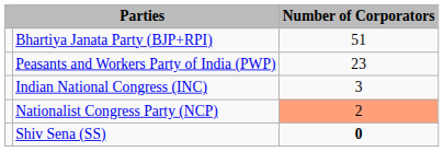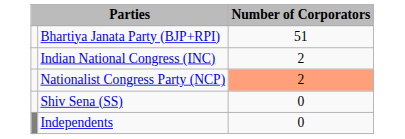 <table class="wikitable" style="margin-left: auto; margin-right: auto; border: none;">
 <tr style="text-align:center;">
 <td colspan="2" style="background:#BBB"><strong>Parties</strong></td>
 <td style="background:#BBB"><strong>Number of Corporators</strong></td>
 </tr>
 <tr>
 <td style="background-color: "></td>
 <td><a href='#'>Bhartiya Janata Party (BJP+RPI)</a></td>
 <td style="text-align:center">51</td>
 </tr>
 <tr>
 <td style="background-color: "></td>
-<td><a href='#'>Peasants and Workers Party of India (PWP)</a></td>
-<td style="text-align:center">23</td>
-</tr>
-<tr>
-<td style="background-color: "></td>
 <td><a href='#'>Indian National Congress (INC)</a></td>
-<td style="text-align:center">3</td>
+<td style="text-align:center">2</td>
 </tr>
 <tr>
 <td style="background-color: "></td>
 <td><a href='#'>Nationalist Congress Party (NCP)</a></td>
 <td style="background: lightsalmon; text-align:center">2</td>
 </tr>
 <tr>
 <td style="background-color: "></td>
 <td><a href='#'>Shiv Sena (SS)</a></td>
-<td style="text-align:center"><strong>0</strong></td>
+<td style="text-align:center">0</td>
+</tr>
+<tr>
+<td style="background:gray;"></td>
+<td><a href='#'>Independents</a></td>
+<td style="text-align:center">0</td>
 </tr>
 </table>
